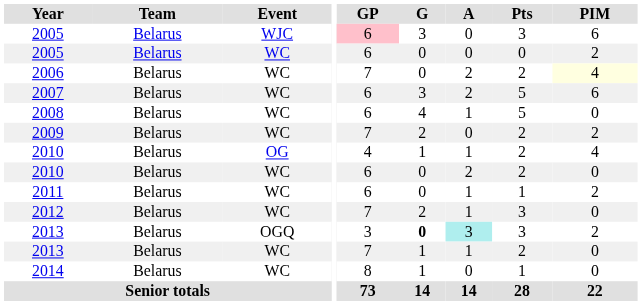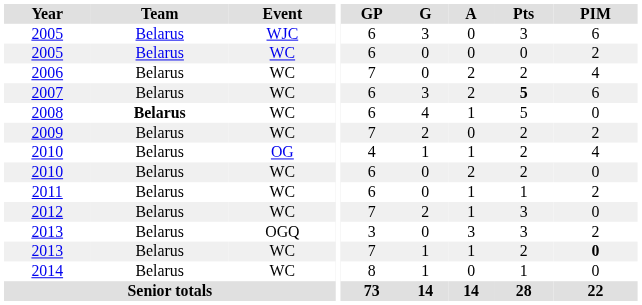 <table border="0" cellpadding="1" cellspacing="0" ID="Table3" style="text-align:center; width:40em">
 <tr bgcolor="#e0e0e0">
 <th>Year</th>
 <th>Team</th>
 <th>Event</th>
 <th rowspan="102" bgcolor="#ffffff"></th>
 <th>GP</th>
 <th>G</th>
 <th>A</th>
 <th>Pts</th>
 <th>PIM</th>
 </tr>
 <tr>
 <td><a href='#'>2005</a></td>
 <td><a href='#'>Belarus</a></td>
 <td><a href='#'>WJC</a></td>
-<td style="background: pink;">6</td>
+<td>6</td>
 <td>3</td>
 <td>0</td>
 <td>3</td>
 <td>6</td>
 </tr>
 <tr bgcolor="#f0f0f0">
 <td><a href='#'>2005</a></td>
 <td><a href='#'>Belarus</a></td>
 <td><a href='#'>WC</a></td>
 <td>6</td>
 <td>0</td>
 <td>0</td>
 <td>0</td>
 <td>2</td>
 </tr>
 <tr>
 <td><a href='#'>2006</a></td>
 <td>Belarus</td>
 <td>WC</td>
 <td>7</td>
 <td>0</td>
 <td>2</td>
 <td>2</td>
-<td style="background: lightyellow;">4</td>
+<td>4</td>
 </tr>
 <tr bgcolor="#f0f0f0">
 <td><a href='#'>2007</a></td>
 <td>Belarus</td>
 <td>WC</td>
 <td>6</td>
 <td>3</td>
 <td>2</td>
-<td>5</td>
+<td><strong>5</strong></td>
 <td>6</td>
 </tr>
 <tr>
 <td><a href='#'>2008</a></td>
-<td>Belarus</td>
+<td><strong>Belarus</strong></td>
 <td>WC</td>
 <td>6</td>
 <td>4</td>
 <td>1</td>
 <td>5</td>
 <td>0</td>
 </tr>
 <tr bgcolor="#f0f0f0">
 <td><a href='#'>2009</a></td>
 <td>Belarus</td>
 <td>WC</td>
 <td>7</td>
 <td>2</td>
 <td>0</td>
 <td>2</td>
 <td>2</td>
 </tr>
 <tr>
 <td><a href='#'>2010</a></td>
 <td>Belarus</td>
 <td><a href='#'>OG</a></td>
 <td>4</td>
 <td>1</td>
 <td>1</td>
 <td>2</td>
 <td>4</td>
 </tr>
 <tr bgcolor="#f0f0f0">
 <td><a href='#'>2010</a></td>
 <td>Belarus</td>
 <td>WC</td>
 <td>6</td>
 <td>0</td>
 <td>2</td>
 <td>2</td>
 <td>0</td>
 </tr>
 <tr>
 <td><a href='#'>2011</a></td>
 <td>Belarus</td>
 <td>WC</td>
 <td>6</td>
 <td>0</td>
 <td>1</td>
 <td>1</td>
 <td>2</td>
 </tr>
 <tr bgcolor="#f0f0f0">
 <td><a href='#'>2012</a></td>
 <td>Belarus</td>
 <td>WC</td>
 <td>7</td>
 <td>2</td>
 <td>1</td>
 <td>3</td>
 <td>0</td>
 </tr>
 <tr>
 <td><a href='#'>2013</a></td>
 <td>Belarus</td>
 <td>OGQ</td>
 <td>3</td>
-<td><strong>0</strong></td>
-<td style="background: paleturquoise;">3</td>
+<td>0</td>
+<td>3</td>
 <td>3</td>
 <td>2</td>
 </tr>
 <tr bgcolor="#f0f0f0">
 <td><a href='#'>2013</a></td>
 <td>Belarus</td>
 <td>WC</td>
 <td>7</td>
 <td>1</td>
 <td>1</td>
 <td>2</td>
-<td>0</td>
+<td><strong>0</strong></td>
 </tr>
 <tr>
 <td><a href='#'>2014</a></td>
 <td>Belarus</td>
 <td>WC</td>
 <td>8</td>
 <td>1</td>
 <td>0</td>
 <td>1</td>
 <td>0</td>
 </tr>
 <tr bgcolor="#e0e0e0">
 <th colspan="3">Senior totals</th>
 <th>73</th>
 <th>14</th>
 <th>14</th>
 <th>28</th>
 <th>22</th>
 </tr>
 </table>
